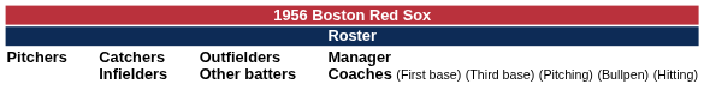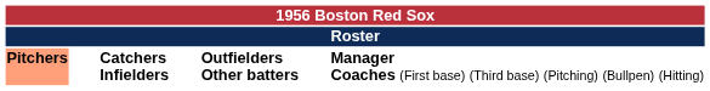 <table class="toccolours" style="text-align: left;">
 <tr>
 <th colspan="10" style="background-color: #ba313c; color: white; text-align: center;">1956 Boston Red Sox</th>
 </tr>
 <tr>
 <td colspan="10" style="background-color: #0d2b56; color: white; text-align: center;"><strong>Roster</strong></td>
 </tr>
 <tr>
-<td valign="top"><strong>Pitchers</strong><br>             </td>
+<td valign="top" style="background: lightsalmon;"><strong>Pitchers</strong><br>             </td>
 <td width="25px"></td>
 <td valign="top"><strong>Catchers</strong><br>  <strong>Infielders</strong>                   </td>
 <td width="25px"></td>
 <td valign="top"><strong>Outfielders</strong><br>      <strong>Other batters</strong>  </td>
 <td width="25px"></td>
 <td valign="top"><strong>Manager</strong><br> <strong>Coaches</strong>  <small>(First base)</small>  <small>(Third base)</small>  <small>(Pitching)</small>  <small>(Bullpen)</small>  <small>(Hitting)</small></td>
 </tr>
 <tr>
 </tr>
 </table>
